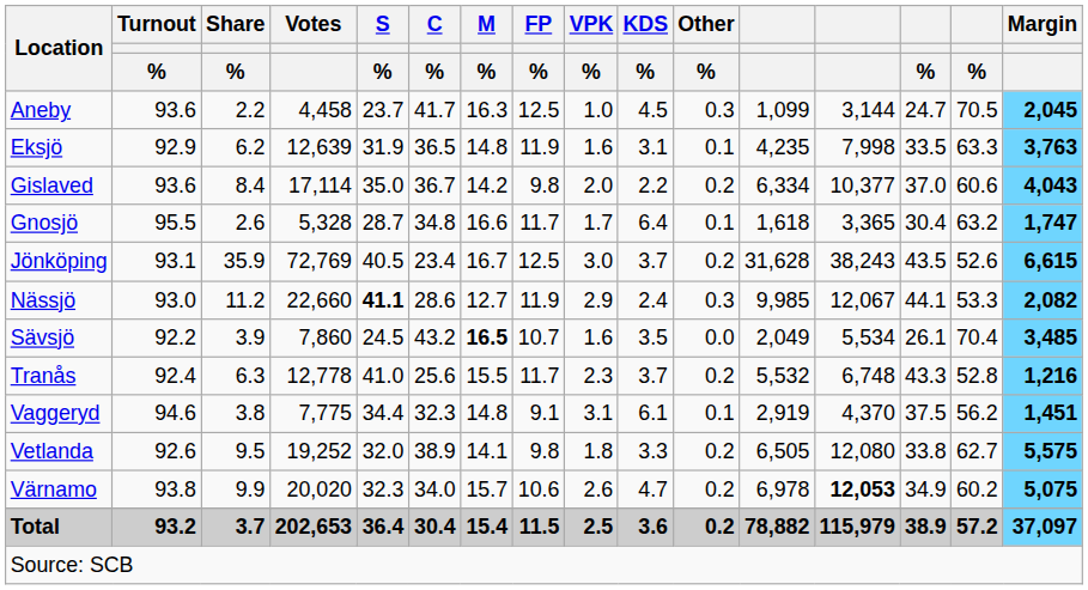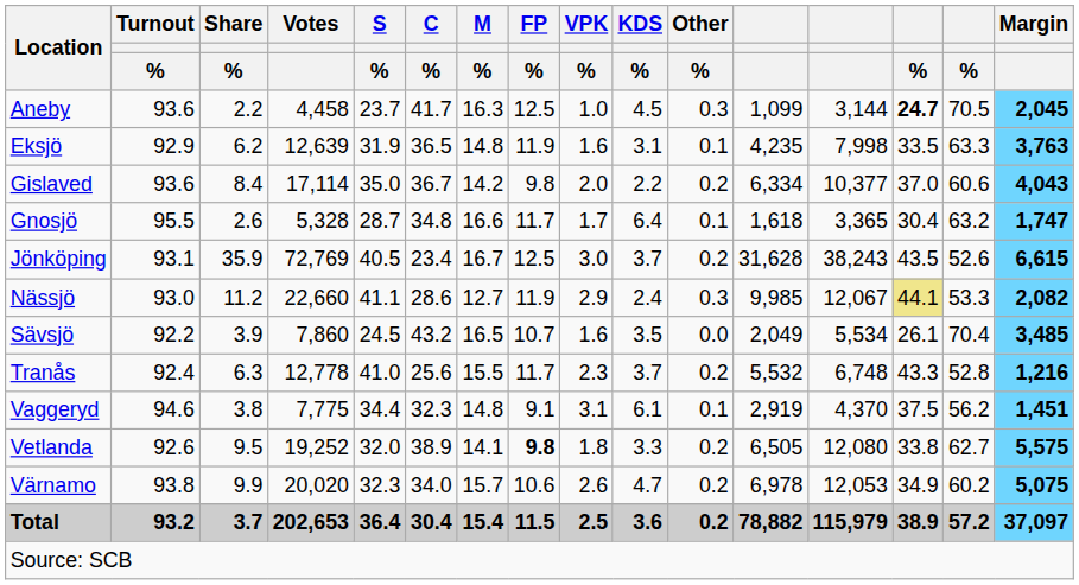 <table class="wikitable sortable" style="text-align:right; font-size:95%; line-height:20px;">
 <tr>
 <th rowspan="3">Location</th>
 <th>Turnout</th>
 <th>Share</th>
 <th>Votes</th>
 <th width="30px" class="unsortable"><a href='#'>S</a></th>
 <th width="30px" class="unsortable"><a href='#'>C</a></th>
 <th width="30px" class="unsortable"><a href='#'>M</a></th>
 <th width="30px" class="unsortable"><a href='#'>FP</a></th>
 <th width="30px" class="unsortable"><a href='#'>VPK</a></th>
 <th width="30px" class="unsortable"><a href='#'>KDS</a></th>
 <th width="30px" class="unsortable">Other</th>
 <th></th>
 <th></th>
 <th></th>
 <th></th>
 <th>Margin</th>
 </tr>
 <tr>
 <th></th>
 <th></th>
 <th></th>
 <th style="background:"></th>
 <th style="background:"></th>
 <th style="background:"></th>
 <th style="background:"></th>
 <th style="background:"></th>
 <th style="background:"></th>
 <th style="background:"></th>
 <th style="background:"></th>
 <th style="background:"></th>
 <th style="background:"></th>
 <th style="background:"></th>
 <th></th>
 </tr>
 <tr>
 <th data-sort-type="number">%</th>
 <th data-sort-type="number">%</th>
 <th></th>
 <th data-sort-type="number">%</th>
 <th data-sort-type="number">%</th>
 <th data-sort-type="number">%</th>
 <th data-sort-type="number">%</th>
 <th data-sort-type="number">%</th>
 <th data-sort-type="number">%</th>
 <th data-sort-type="number">%</th>
 <th data-sort-type="number"></th>
 <th data-sort-type="number"></th>
 <th data-sort-type="number">%</th>
 <th data-sort-type="number">%</th>
 <th data-sort-type="number"></th>
 </tr>
 <tr>
 <td align=left><a href='#'>Aneby</a></td>
 <td>93.6</td>
 <td>2.2</td>
 <td>4,458</td>
 <td>23.7</td>
 <td>41.7</td>
 <td>16.3</td>
 <td>12.5</td>
 <td>1.0</td>
 <td>4.5</td>
 <td>0.3</td>
 <td>1,099</td>
 <td>3,144</td>
-<td>24.7</td>
+<td><strong>24.7</strong></td>
 <td>70.5</td>
 <td bgcolor=#6fd5fe><strong>2,045</strong></td>
 </tr>
 <tr>
 <td align=left><a href='#'>Eksjö</a></td>
 <td>92.9</td>
 <td>6.2</td>
 <td>12,639</td>
 <td>31.9</td>
 <td>36.5</td>
 <td>14.8</td>
 <td>11.9</td>
 <td>1.6</td>
 <td>3.1</td>
 <td>0.1</td>
 <td>4,235</td>
 <td>7,998</td>
 <td>33.5</td>
 <td>63.3</td>
 <td bgcolor=#6fd5fe><strong>3,763</strong></td>
 </tr>
 <tr>
 <td align=left><a href='#'>Gislaved</a></td>
 <td>93.6</td>
 <td>8.4</td>
 <td>17,114</td>
 <td>35.0</td>
 <td>36.7</td>
 <td>14.2</td>
 <td>9.8</td>
 <td>2.0</td>
 <td>2.2</td>
 <td>0.2</td>
 <td>6,334</td>
 <td>10,377</td>
 <td>37.0</td>
 <td>60.6</td>
 <td bgcolor=#6fd5fe><strong>4,043</strong></td>
 </tr>
 <tr>
 <td align=left><a href='#'>Gnosjö</a></td>
 <td>95.5</td>
 <td>2.6</td>
 <td>5,328</td>
 <td>28.7</td>
 <td>34.8</td>
 <td>16.6</td>
 <td>11.7</td>
 <td>1.7</td>
 <td>6.4</td>
 <td>0.1</td>
 <td>1,618</td>
 <td>3,365</td>
 <td>30.4</td>
 <td>63.2</td>
 <td bgcolor=#6fd5fe><strong>1,747</strong></td>
 </tr>
 <tr>
 <td align=left><a href='#'>Jönköping</a></td>
 <td>93.1</td>
 <td>35.9</td>
 <td>72,769</td>
 <td>40.5</td>
 <td>23.4</td>
 <td>16.7</td>
 <td>12.5</td>
 <td>3.0</td>
 <td>3.7</td>
 <td>0.2</td>
 <td>31,628</td>
 <td>38,243</td>
 <td>43.5</td>
 <td>52.6</td>
 <td bgcolor=#6fd5fe><strong>6,615</strong></td>
 </tr>
 <tr>
 <td align=left><a href='#'>Nässjö</a></td>
 <td>93.0</td>
 <td>11.2</td>
 <td>22,660</td>
-<td><strong>41.1</strong></td>
+<td>41.1</td>
 <td>28.6</td>
 <td>12.7</td>
 <td>11.9</td>
 <td>2.9</td>
 <td>2.4</td>
 <td>0.3</td>
 <td>9,985</td>
 <td>12,067</td>
-<td>44.1</td>
+<td style="background: khaki;">44.1</td>
 <td>53.3</td>
 <td bgcolor=#6fd5fe><strong>2,082</strong></td>
 </tr>
 <tr>
 <td align=left><a href='#'>Sävsjö</a></td>
 <td>92.2</td>
 <td>3.9</td>
 <td>7,860</td>
 <td>24.5</td>
 <td>43.2</td>
-<td><strong>16.5</strong></td>
+<td>16.5</td>
 <td>10.7</td>
 <td>1.6</td>
 <td>3.5</td>
 <td>0.0</td>
 <td>2,049</td>
 <td>5,534</td>
 <td>26.1</td>
 <td>70.4</td>
 <td bgcolor=#6fd5fe><strong>3,485</strong></td>
 </tr>
 <tr>
 <td align=left><a href='#'>Tranås</a></td>
 <td>92.4</td>
 <td>6.3</td>
 <td>12,778</td>
 <td>41.0</td>
 <td>25.6</td>
 <td>15.5</td>
 <td>11.7</td>
 <td>2.3</td>
 <td>3.7</td>
 <td>0.2</td>
 <td>5,532</td>
 <td>6,748</td>
 <td>43.3</td>
 <td>52.8</td>
 <td bgcolor=#6fd5fe><strong>1,216</strong></td>
 </tr>
 <tr>
 <td align=left><a href='#'>Vaggeryd</a></td>
 <td>94.6</td>
 <td>3.8</td>
 <td>7,775</td>
 <td>34.4</td>
 <td>32.3</td>
 <td>14.8</td>
 <td>9.1</td>
 <td>3.1</td>
 <td>6.1</td>
 <td>0.1</td>
 <td>2,919</td>
 <td>4,370</td>
 <td>37.5</td>
 <td>56.2</td>
 <td bgcolor=#6fd5fe><strong>1,451</strong></td>
 </tr>
 <tr>
 <td align=left><a href='#'>Vetlanda</a></td>
 <td>92.6</td>
 <td>9.5</td>
 <td>19,252</td>
 <td>32.0</td>
 <td>38.9</td>
 <td>14.1</td>
-<td>9.8</td>
+<td><strong>9.8</strong></td>
 <td>1.8</td>
 <td>3.3</td>
 <td>0.2</td>
 <td>6,505</td>
 <td>12,080</td>
 <td>33.8</td>
 <td>62.7</td>
 <td bgcolor=#6fd5fe><strong>5,575</strong></td>
 </tr>
 <tr>
 <td align=left><a href='#'>Värnamo</a></td>
 <td>93.8</td>
 <td>9.9</td>
 <td>20,020</td>
 <td>32.3</td>
 <td>34.0</td>
 <td>15.7</td>
 <td>10.6</td>
 <td>2.6</td>
 <td>4.7</td>
 <td>0.2</td>
 <td>6,978</td>
-<td><strong>12,053</strong></td>
+<td>12,053</td>
 <td>34.9</td>
 <td>60.2</td>
 <td bgcolor=#6fd5fe><strong>5,075</strong></td>
 </tr>
 <tr>
 </tr>
 <tr style="background:#CDCDCD;">
 <td align=left><strong>Total</strong></td>
 <td><strong>93.2</strong></td>
 <td><strong>3.7</strong></td>
 <td><strong>202,653</strong></td>
 <td><strong>36.4</strong></td>
 <td><strong>30.4</strong></td>
 <td><strong>15.4</strong></td>
 <td><strong>11.5</strong></td>
 <td><strong>2.5</strong></td>
 <td><strong>3.6</strong></td>
 <td><strong>0.2</strong></td>
 <td><strong>78,882</strong></td>
 <td><strong>115,979</strong></td>
 <td><strong>38.9</strong></td>
 <td><strong>57.2</strong></td>
 <td bgcolor=#6fd5fe><strong>37,097</strong></td>
 </tr>
 <tr>
 <td align=left colspan=16>Source: SCB </td>
 </tr>
 </table>
